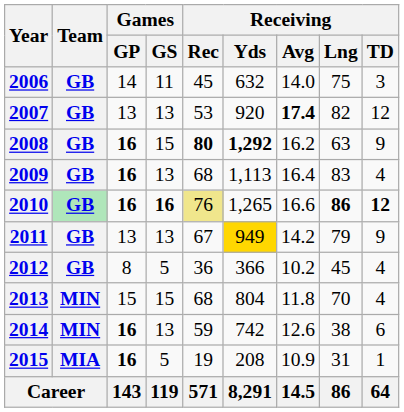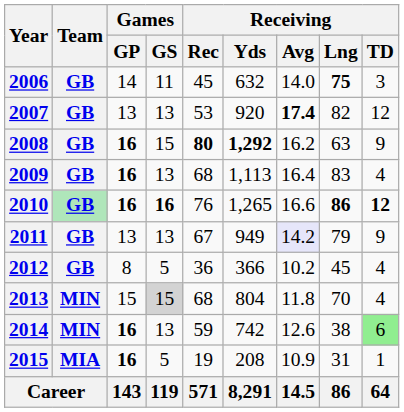 <table class="wikitable" style="text-align: center;">
 <tr>
 <th rowspan="2">Year</th>
 <th rowspan="2">Team</th>
 <th colspan="2">Games</th>
 <th colspan="5">Receiving</th>
 </tr>
 <tr>
 <th>GP</th>
 <th>GS</th>
 <th>Rec</th>
 <th>Yds</th>
 <th>Avg</th>
 <th>Lng</th>
 <th>TD</th>
 </tr>
 <tr>
 <th><a href='#'>2006</a></th>
 <th><a href='#'>GB</a></th>
 <td>14</td>
 <td>11</td>
 <td>45</td>
 <td>632</td>
 <td>14.0</td>
-<td>75</td>
+<td><strong>75</strong></td>
 <td>3</td>
 </tr>
 <tr>
 <th><a href='#'>2007</a></th>
 <th><a href='#'>GB</a></th>
 <td>13</td>
 <td>13</td>
 <td>53</td>
 <td>920</td>
 <td><strong>17.4</strong></td>
 <td>82</td>
 <td>12</td>
 </tr>
 <tr>
 <th><a href='#'>2008</a></th>
 <th><a href='#'>GB</a></th>
 <td><strong>16</strong></td>
 <td>15</td>
 <td><strong>80</strong></td>
 <td><strong>1,292</strong></td>
 <td>16.2</td>
 <td>63</td>
 <td>9</td>
 </tr>
 <tr>
 <th><a href='#'>2009</a></th>
 <th><a href='#'>GB</a></th>
 <td><strong>16</strong></td>
 <td>13</td>
 <td>68</td>
 <td>1,113</td>
 <td>16.4</td>
 <td>83</td>
 <td>4</td>
 </tr>
 <tr>
 <th><a href='#'>2010</a></th>
 <th style="background:#afe6ba;"><a href='#'>GB</a></th>
 <td><strong>16</strong></td>
 <td><strong>16</strong></td>
-<td style="background: khaki;">76</td>
+<td>76</td>
 <td>1,265</td>
 <td>16.6</td>
 <td><strong>86</strong></td>
 <td><strong>12</strong></td>
 </tr>
 <tr>
 <th><a href='#'>2011</a></th>
 <th><a href='#'>GB</a></th>
 <td>13</td>
 <td>13</td>
 <td>67</td>
-<td style="background: gold;">949</td>
-<td>14.2</td>
+<td>949</td>
+<td style="background: lavender;">14.2</td>
 <td>79</td>
 <td>9</td>
 </tr>
 <tr>
 <th><a href='#'>2012</a></th>
 <th><a href='#'>GB</a></th>
 <td>8</td>
 <td>5</td>
 <td>36</td>
 <td>366</td>
 <td>10.2</td>
 <td>45</td>
 <td>4</td>
 </tr>
 <tr>
 <th><a href='#'>2013</a></th>
 <th><a href='#'>MIN</a></th>
 <td>15</td>
-<td>15</td>
+<td style="background: lightgrey;">15</td>
 <td>68</td>
 <td>804</td>
 <td>11.8</td>
 <td>70</td>
 <td>4</td>
 </tr>
 <tr>
 <th><a href='#'>2014</a></th>
 <th><a href='#'>MIN</a></th>
 <td><strong>16</strong></td>
 <td>13</td>
 <td>59</td>
 <td>742</td>
 <td>12.6</td>
 <td>38</td>
-<td>6</td>
+<td style="background: lightgreen;">6</td>
 </tr>
 <tr>
 <th><a href='#'>2015</a></th>
 <th><a href='#'>MIA</a></th>
 <td><strong>16</strong></td>
 <td>5</td>
 <td>19</td>
 <td>208</td>
 <td>10.9</td>
 <td>31</td>
 <td>1</td>
 </tr>
 <tr>
 <th colspan="2">Career</th>
 <th>143</th>
 <th>119</th>
 <th>571</th>
 <th>8,291</th>
 <th>14.5</th>
 <th>86</th>
 <th>64</th>
 </tr>
 </table>
